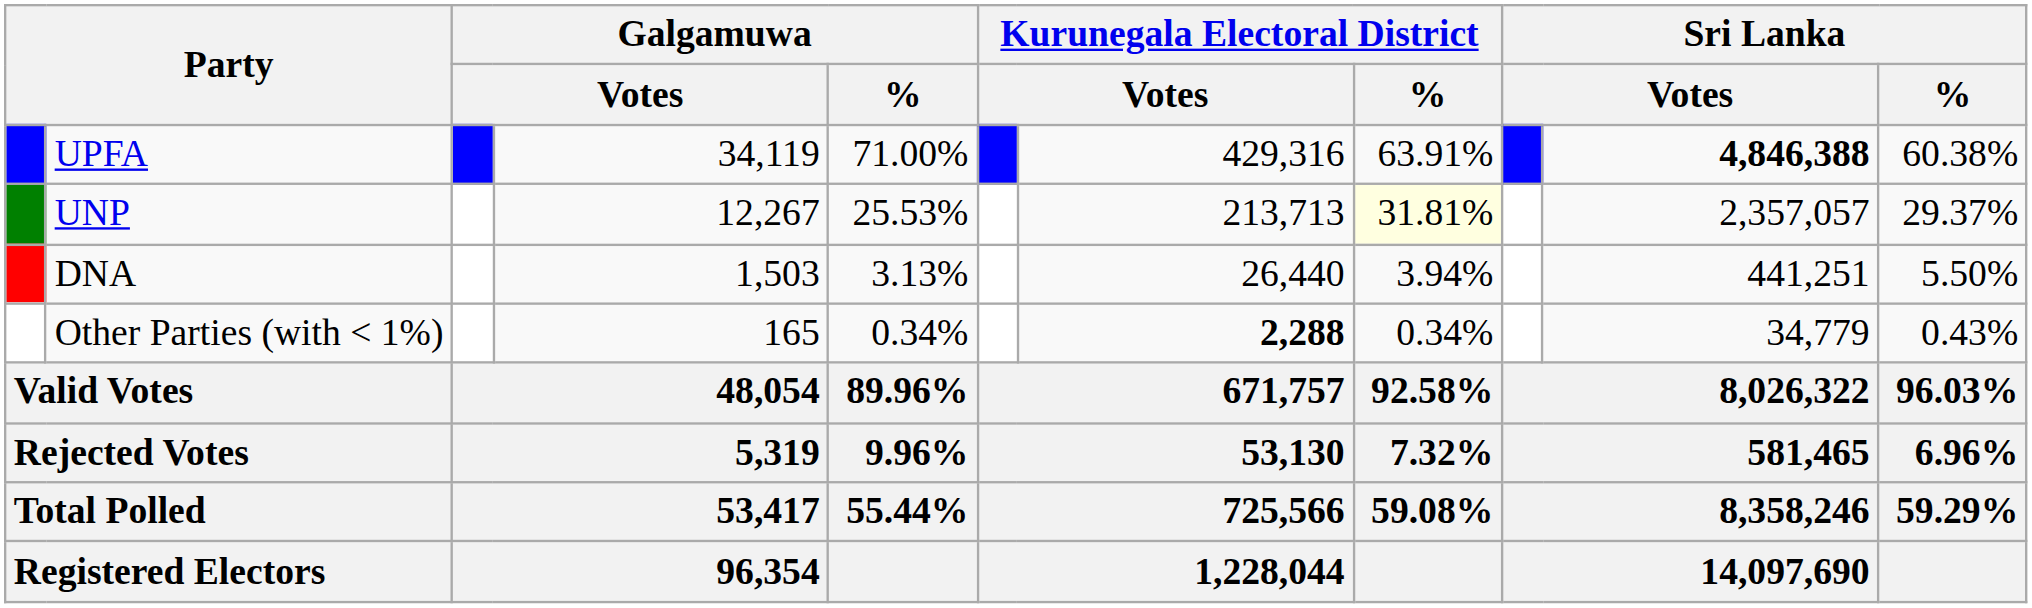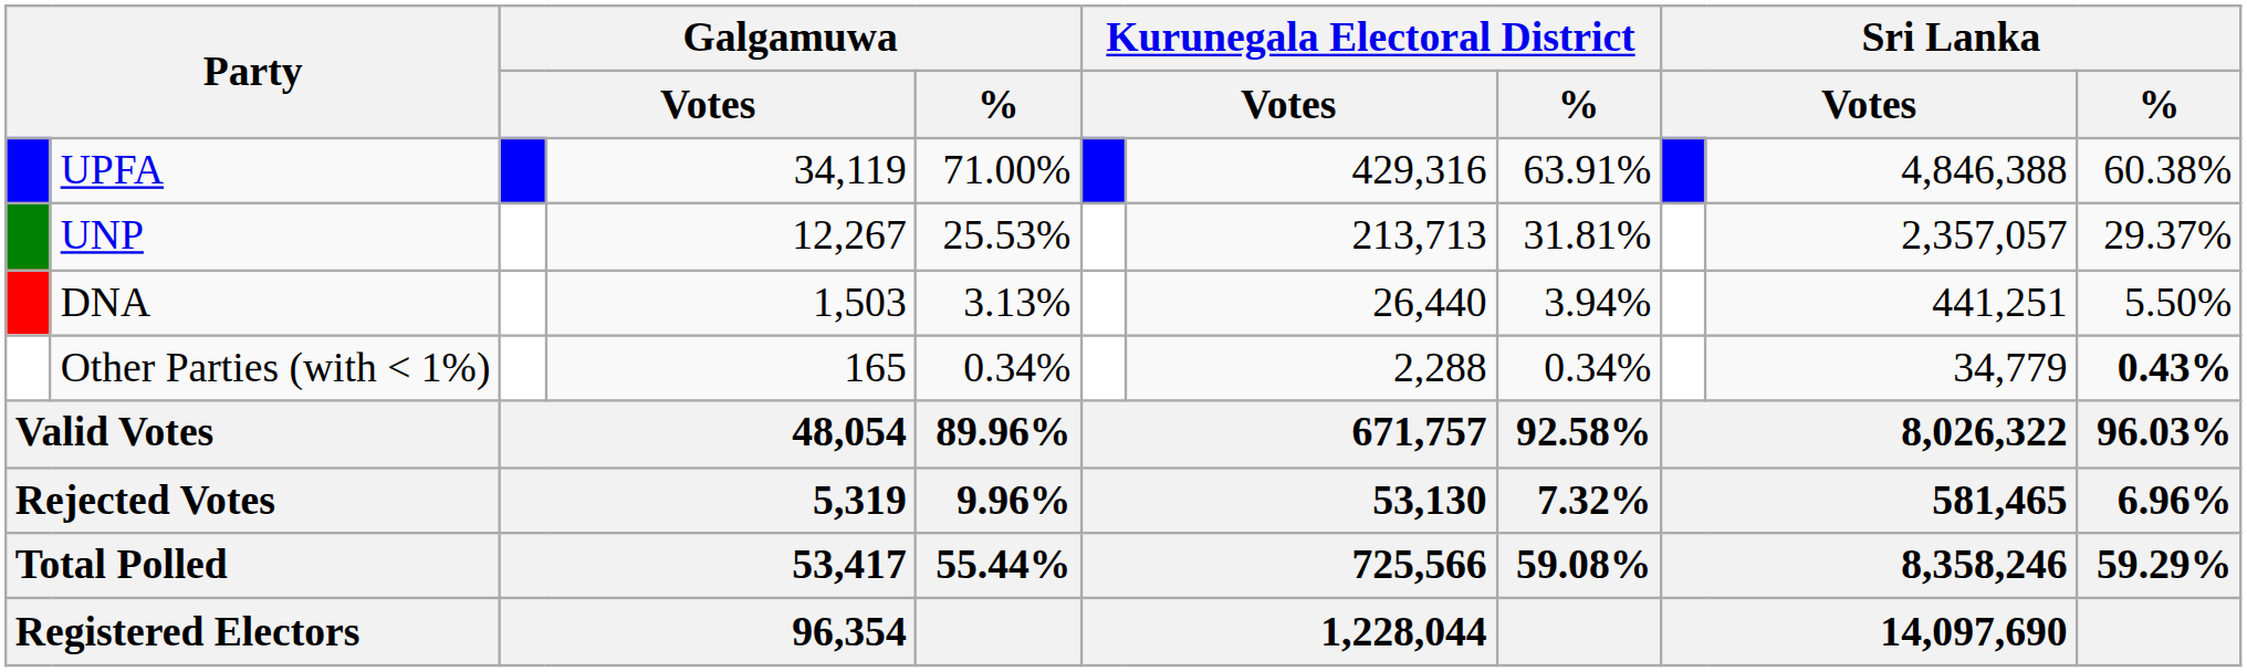 <table class="wikitable">
 <tr>
 <th colspan="2" width="144px"rowspan="2">Party</th>
 <th colspan="3" width="216px">Galgamuwa</th>
 <th colspan="3" width="216px"><a href='#'>Kurunegala Electoral District</a></th>
 <th colspan="3" width="216px">Sri Lanka</th>
 </tr>
 <tr>
 <th colspan="2" width="144px">Votes</th>
 <th>%</th>
 <th colspan="2" width="144px">Votes</th>
 <th>%</th>
 <th colspan="2" width="144px">Votes</th>
 <th>%</th>
 </tr>
 <tr>
 <td style="background-color:blue;" width="10px"></td>
 <td style="text-align:left;"><a href='#'>UPFA</a></td>
 <td style="background-color:blue;" width="10px"></td>
 <td style="text-align:right;">34,119</td>
 <td style="text-align:right;">71.00%</td>
 <td style="background-color:blue;" width="10px"></td>
 <td style="text-align:right;">429,316</td>
 <td style="text-align:right;">63.91%</td>
 <td style="background-color:blue;" width="10px"></td>
-<td style="text-align:right;"><strong>4,846,388</strong></td>
+<td style="text-align:right;">4,846,388</td>
 <td style="text-align:right;">60.38%</td>
 </tr>
 <tr>
 <td style="background-color:green;" width="10px"></td>
 <td style="text-align:left;"><a href='#'>UNP</a></td>
 <td style="background-color:white;" width="10px"></td>
 <td style="text-align:right;">12,267</td>
 <td style="text-align:right;">25.53%</td>
 <td style="background-color:white;" width="10px"></td>
 <td style="text-align:right;">213,713</td>
-<td style="background: lightyellow; text-align:right;">31.81%</td>
+<td style="text-align:right;">31.81%</td>
 <td style="background-color:white;" width="10px"></td>
 <td style="text-align:right;">2,357,057</td>
 <td style="text-align:right;">29.37%</td>
 </tr>
 <tr>
 <td style="background-color:red;" width="10px"></td>
 <td style="text-align:left;">DNA</td>
 <td style="background-color:white;" width="10px"></td>
 <td style="text-align:right;">1,503</td>
 <td style="text-align:right;">3.13%</td>
 <td style="background-color:white;" width="10px"></td>
 <td style="text-align:right;">26,440</td>
 <td style="text-align:right;">3.94%</td>
 <td style="background-color:white;" width="10px"></td>
 <td style="text-align:right;">441,251</td>
 <td style="text-align:right;">5.50%</td>
 </tr>
 <tr>
 <td style="background-color:white;" width="10px"></td>
 <td style="text-align:left;">Other Parties (with < 1%)</td>
 <td style="background-color:white;" width="10px"></td>
 <td style="text-align:right;">165</td>
 <td style="text-align:right;">0.34%</td>
 <td style="background-color:white;" width="10px"></td>
-<td style="text-align:right;"><strong>2,288</strong></td>
+<td style="text-align:right;">2,288</td>
 <td style="text-align:right;">0.34%</td>
 <td style="background-color:white;" width="10px"></td>
 <td style="text-align:right;">34,779</td>
-<td style="text-align:right;">0.43%</td>
+<td style="text-align:right;"><strong>0.43%</strong></td>
 </tr>
 <tr>
 <th colspan="2" width="144px"style="text-align:left;">Valid Votes</th>
 <th style="text-align:right;"colspan="2" width="144px">48,054</th>
 <th style="text-align:right;">89.96%</th>
 <th style="text-align:right;"colspan="2" width="144px">671,757</th>
 <th style="text-align:right;">92.58%</th>
 <th style="text-align:right;"colspan="2" width="144px">8,026,322</th>
 <th style="text-align:right;">96.03%</th>
 </tr>
 <tr>
 <th colspan="2" width="144px"style="text-align:left;">Rejected Votes</th>
 <th style="text-align:right;"colspan="2" width="144px">5,319</th>
 <th style="text-align:right;">9.96%</th>
 <th style="text-align:right;"colspan="2" width="144px">53,130</th>
 <th style="text-align:right;">7.32%</th>
 <th style="text-align:right;"colspan="2" width="144px">581,465</th>
 <th style="text-align:right;">6.96%</th>
 </tr>
 <tr>
 <th colspan="2" width="144px"style="text-align:left;">Total Polled</th>
 <th style="text-align:right;"colspan="2" width="144px">53,417</th>
 <th style="text-align:right;">55.44%</th>
 <th style="text-align:right;"colspan="2" width="144px">725,566</th>
 <th style="text-align:right;">59.08%</th>
 <th style="text-align:right;"colspan="2" width="144px">8,358,246</th>
 <th style="text-align:right;">59.29%</th>
 </tr>
 <tr>
 <th colspan="2" width="144px"style="text-align:left;">Registered Electors</th>
 <th style="text-align:right;"colspan="2" width="144px">96,354</th>
 <th></th>
 <th style="text-align:right;"colspan="2" width="144px">1,228,044</th>
 <th></th>
 <th style="text-align:right;"colspan="2" width="144px">14,097,690</th>
 <th></th>
 </tr>
 </table>
